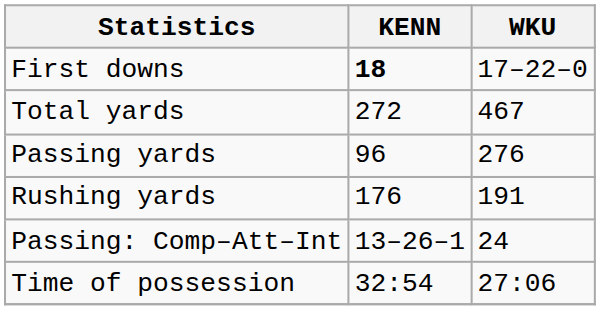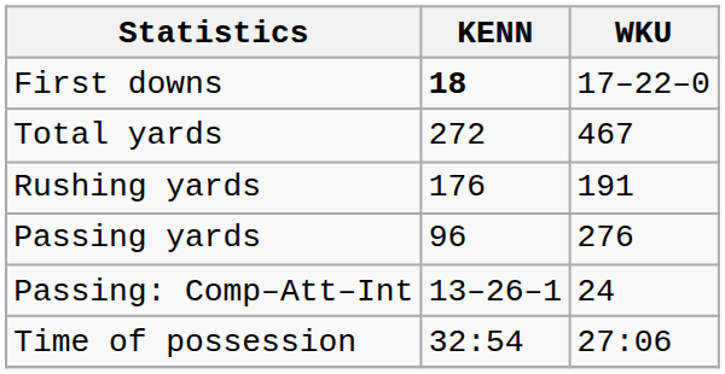 <table class="wikitable" style="float: left;">
 <tr>
 <th>Statistics</th>
 <th>KENN</th>
 <th>WKU</th>
 </tr>
 <tr>
 <td>First downs</td>
 <td><strong>18</strong></td>
 <td>17–22–0</td>
 </tr>
 <tr>
 <td>Total yards</td>
 <td>272</td>
 <td>467</td>
 </tr>
 <tr>
+<td>Rushing yards</td>
+<td>176</td>
+<td>191</td>
+</tr>
+<tr>
 <td>Passing yards</td>
 <td>96</td>
 <td>276</td>
-</tr>
-<tr>
-<td>Rushing yards</td>
-<td>176</td>
-<td>191</td>
 </tr>
 <tr>
 <td>Passing: Comp–Att–Int</td>
 <td>13–26–1</td>
 <td>24</td>
 </tr>
 <tr>
 <td>Time of possession</td>
 <td>32:54</td>
 <td>27:06</td>
 </tr>
 <tr>
 </tr>
 </table>
